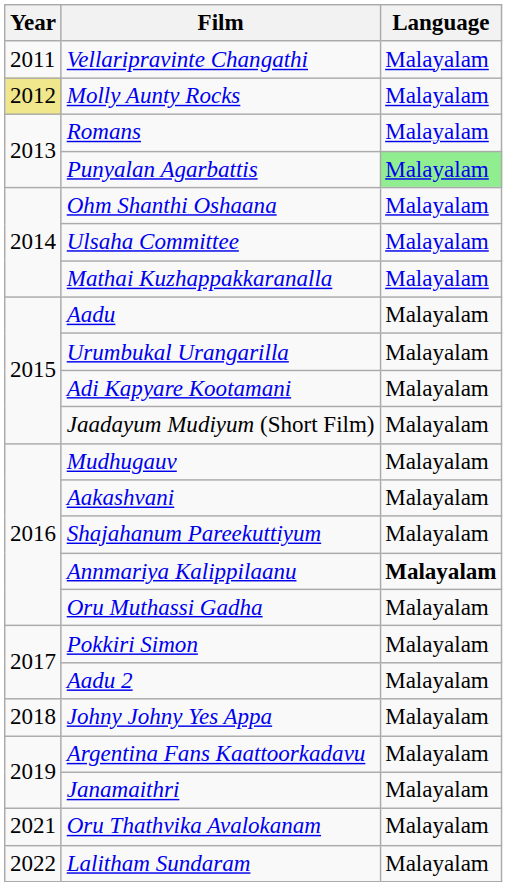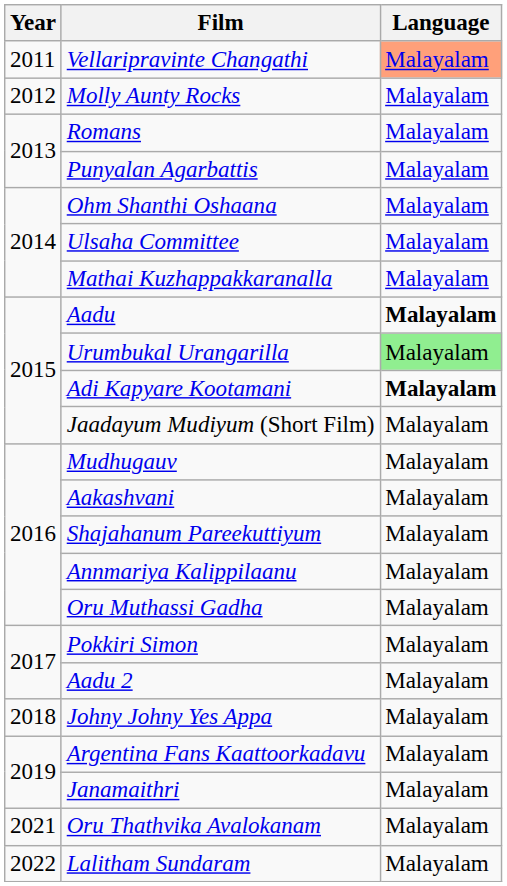 <table class="wikitable">
 <tr>
 <th>Year</th>
 <th>Film</th>
 <th>Language</th>
 </tr>
 <tr>
 <td rowspan="1">2011</td>
 <td><em><a href='#'>Vellaripravinte Changathi</a></em></td>
-<td><a href='#'>Malayalam</a></td>
+<td style="background: lightsalmon;"><a href='#'>Malayalam</a></td>
 </tr>
 <tr>
-<td rowspan="1" style="background: khaki;">2012</td>
+<td rowspan="1">2012</td>
 <td><em><a href='#'>Molly Aunty Rocks</a></em></td>
 <td><a href='#'>Malayalam</a></td>
 </tr>
 <tr>
 <td rowspan="2">2013</td>
 <td><em><a href='#'>Romans</a></em></td>
 <td><a href='#'>Malayalam</a></td>
 </tr>
 <tr>
 <td><em><a href='#'>Punyalan Agarbattis</a></em></td>
-<td style="background: lightgreen;"><a href='#'>Malayalam</a></td>
+<td><a href='#'>Malayalam</a></td>
 </tr>
 <tr>
 <td rowspan="3">2014</td>
 <td><em><a href='#'>Ohm Shanthi Oshaana</a></em></td>
 <td><a href='#'>Malayalam</a></td>
 </tr>
 <tr>
 <td><em><a href='#'>Ulsaha Committee</a></em></td>
 <td><a href='#'>Malayalam</a></td>
 </tr>
 <tr>
 <td><em><a href='#'>Mathai Kuzhappakkaranalla</a></em></td>
 <td><a href='#'>Malayalam</a></td>
 </tr>
 <tr>
 <td rowspan="4">2015</td>
 <td><em><a href='#'>Aadu</a></em></td>
-<td>Malayalam</td>
+<td><strong>Malayalam</strong></td>
 </tr>
 <tr>
 <td><em><a href='#'>Urumbukal Urangarilla</a></em></td>
-<td>Malayalam</td>
+<td style="background: lightgreen;">Malayalam</td>
 </tr>
 <tr>
 <td><em><a href='#'>Adi Kapyare Kootamani</a></em></td>
-<td>Malayalam</td>
+<td><strong>Malayalam</strong></td>
 </tr>
 <tr>
 <td><em>Jaadayum Mudiyum</em> (Short Film)</td>
 <td>Malayalam</td>
 </tr>
 <tr>
 <td rowspan="5">2016</td>
 <td><em><a href='#'>Mudhugauv</a></em></td>
 <td>Malayalam</td>
 </tr>
 <tr>
 <td><em><a href='#'>Aakashvani</a></em></td>
 <td>Malayalam</td>
 </tr>
 <tr>
 <td><em><a href='#'>Shajahanum Pareekuttiyum</a></em></td>
 <td>Malayalam</td>
 </tr>
 <tr>
 <td><em><a href='#'>Annmariya Kalippilaanu</a></em></td>
-<td><strong>Malayalam</strong></td>
+<td>Malayalam</td>
 </tr>
 <tr>
 <td><em><a href='#'>Oru Muthassi Gadha</a></em></td>
 <td>Malayalam</td>
 </tr>
 <tr>
 <td rowspan="2">2017</td>
 <td><em><a href='#'>Pokkiri Simon</a></em></td>
 <td>Malayalam</td>
 </tr>
 <tr>
 <td><em><a href='#'>Aadu 2</a></em></td>
 <td>Malayalam</td>
 </tr>
 <tr>
 <td rowspan="1">2018</td>
 <td><em><a href='#'>Johny Johny Yes Appa</a></em></td>
 <td>Malayalam</td>
 </tr>
 <tr>
 <td rowspan="2">2019</td>
 <td><em><a href='#'>Argentina Fans Kaattoorkadavu</a></em></td>
 <td>Malayalam</td>
 </tr>
 <tr>
 <td><em><a href='#'>Janamaithri</a></em></td>
 <td>Malayalam</td>
 </tr>
 <tr>
 <td>2021</td>
 <td><em><a href='#'>Oru Thathvika Avalokanam</a></em></td>
 <td>Malayalam</td>
 </tr>
 <tr>
 <td>2022</td>
 <td><em><a href='#'>Lalitham Sundaram</a></em></td>
 <td>Malayalam</td>
 </tr>
 </table>
